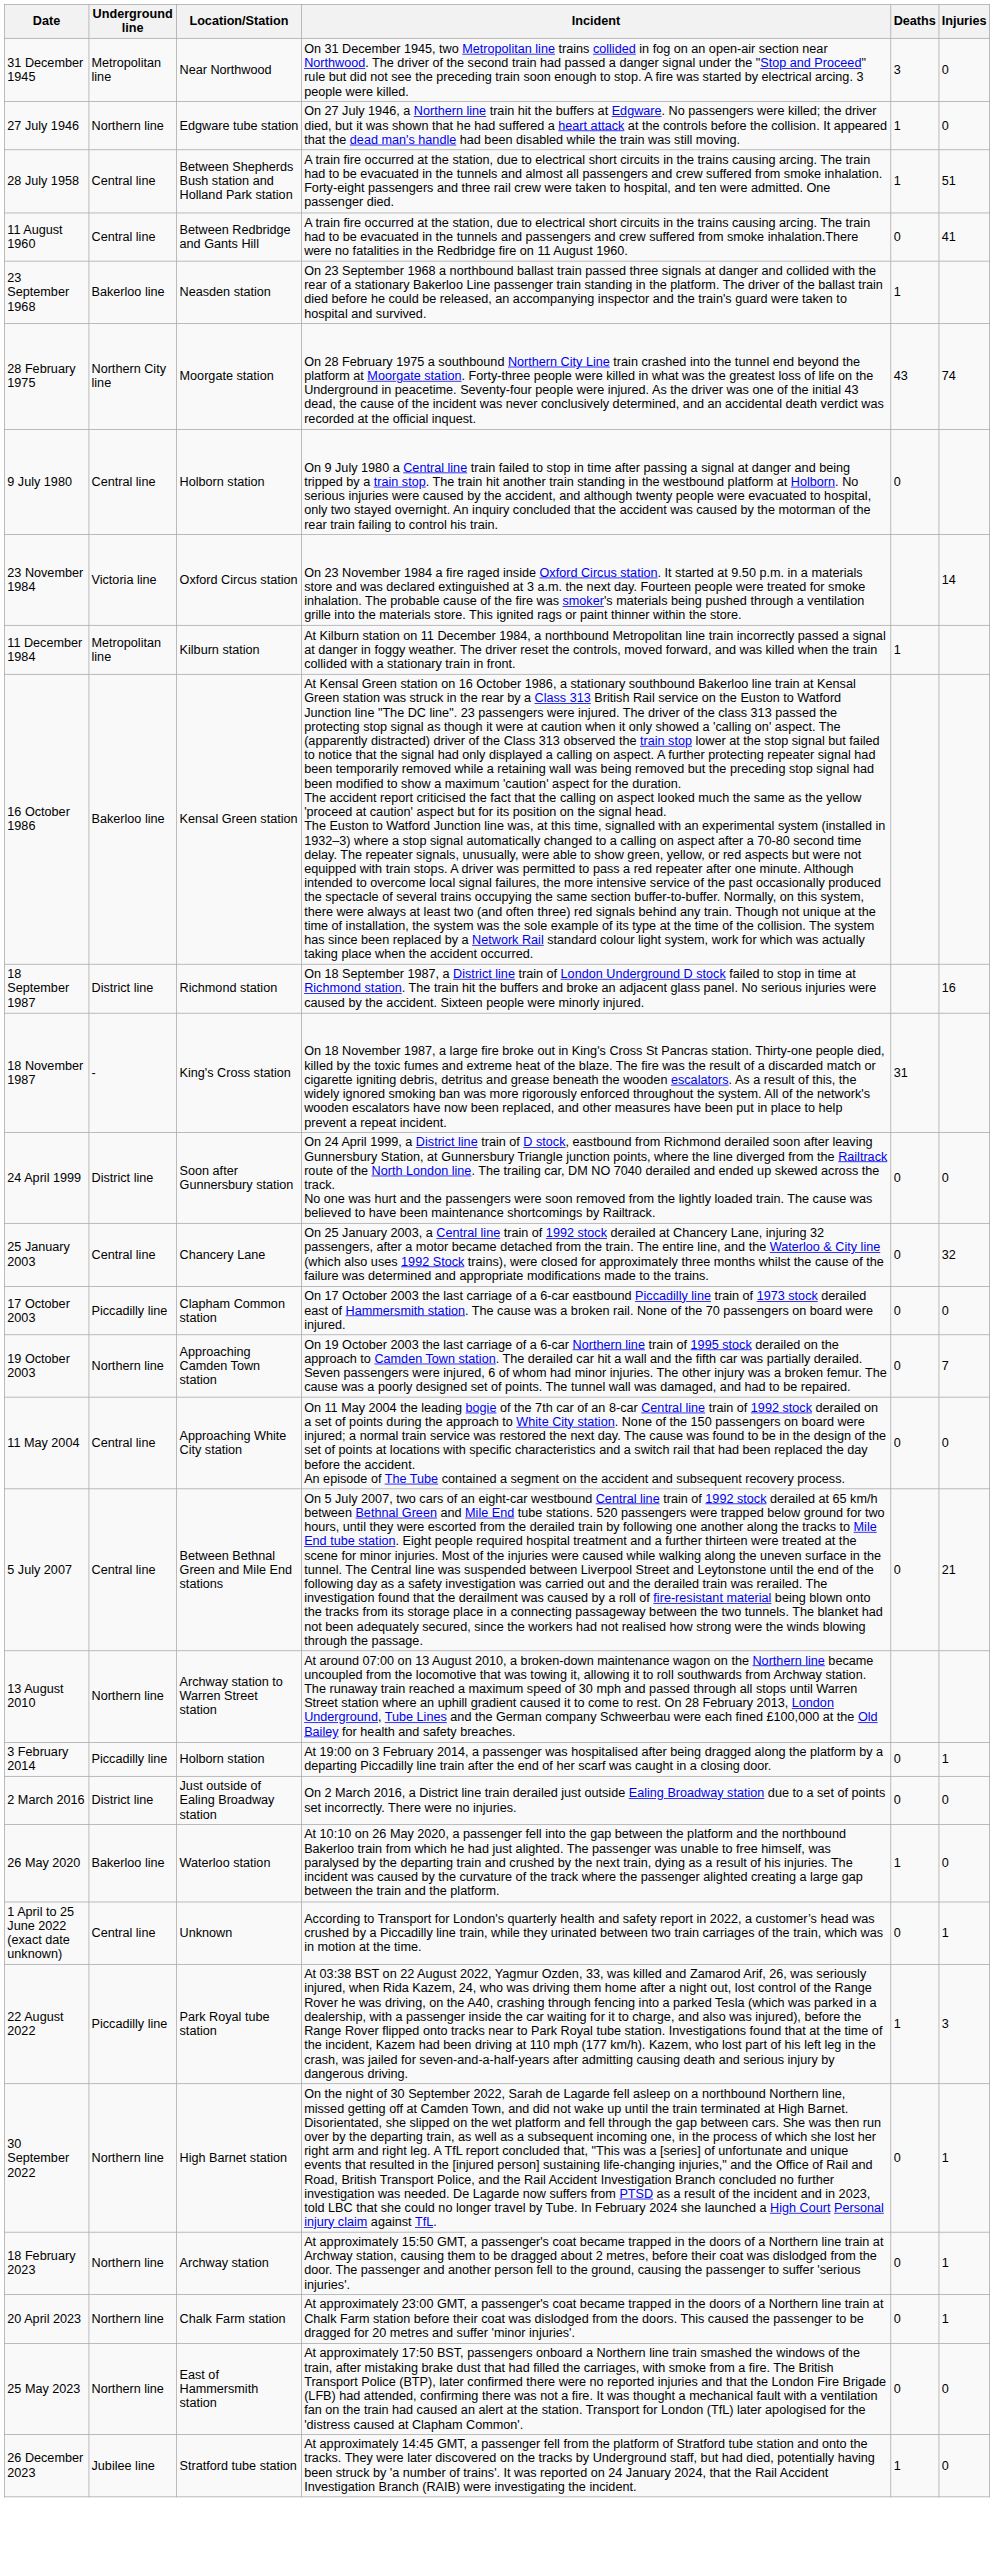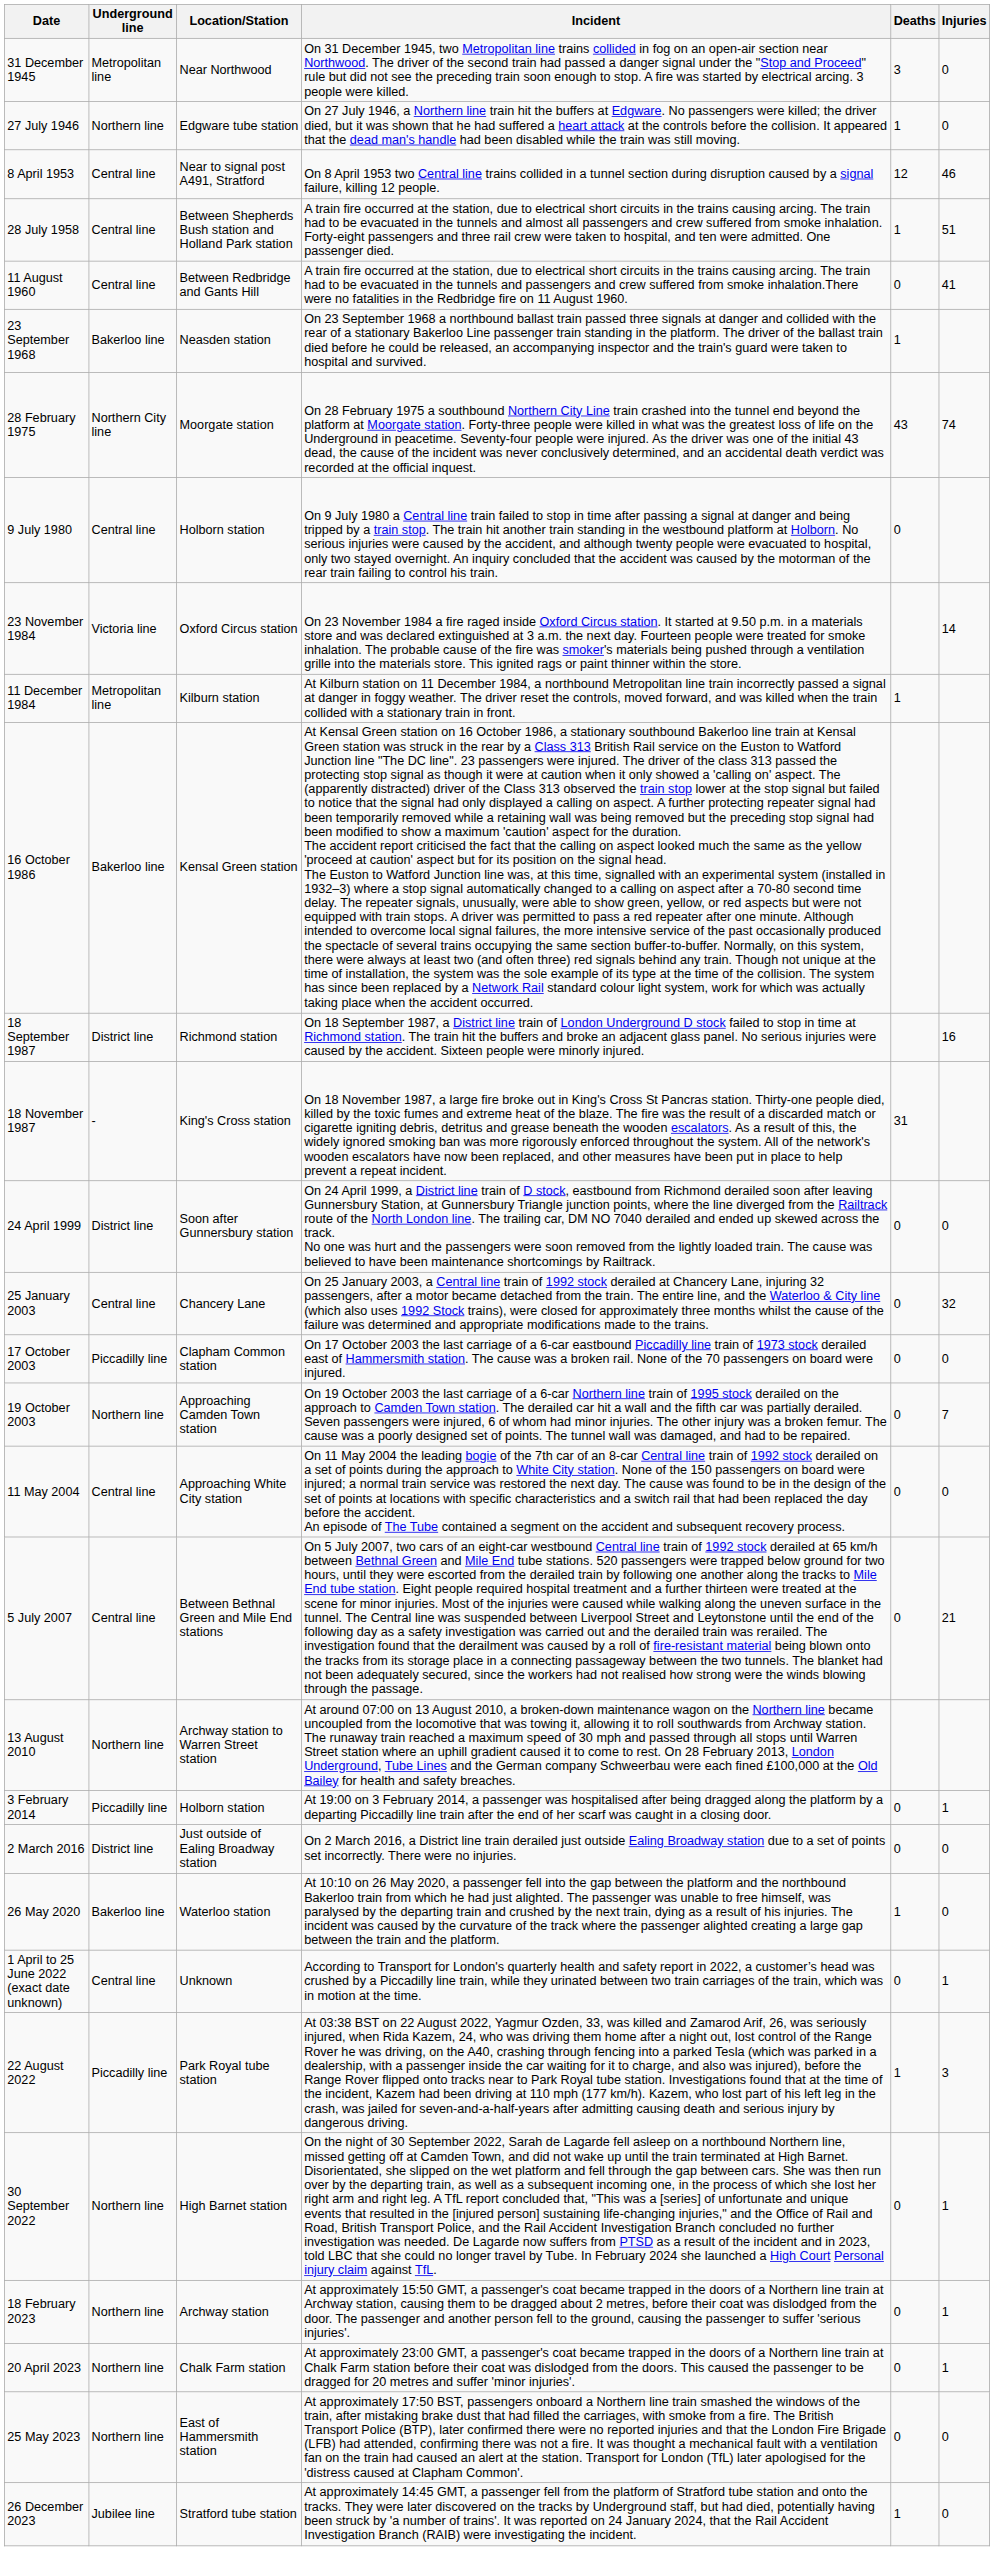 <table class="wikitable sortable">
 <tr>
 <th>Date</th>
 <th>Underground line</th>
 <th>Location/Station</th>
 <th>Incident</th>
 <th>Deaths</th>
 <th>Injuries</th>
 </tr>
 <tr>
 <td>31 December 1945</td>
 <td>Metropolitan line</td>
 <td>Near Northwood</td>
 <td>On 31 December 1945, two <a href='#'>Metropolitan line</a> trains <a href='#'>collided</a> in fog on an open-air section near <a href='#'>Northwood</a>. The driver of the second train had passed a danger signal under the "<a href='#'>Stop and Proceed</a>" rule but did not see the preceding train soon enough to stop.  A fire was started by electrical arcing. 3 people were killed.</td>
 <td>3</td>
 <td>0</td>
 </tr>
 <tr>
 <td>27 July 1946</td>
 <td>Northern line</td>
 <td>Edgware tube station</td>
 <td>On 27 July 1946, a <a href='#'>Northern line</a> train hit the buffers at <a href='#'>Edgware</a>.  No passengers were killed; the driver died, but it was shown that he had suffered a <a href='#'>heart attack</a> at the controls before the collision.  It appeared that the <a href='#'>dead man's handle</a> had been disabled while the train was still moving.</td>
 <td>1</td>
 <td>0</td>
+</tr>
+<tr>
+<td>8 April 1953</td>
+<td>Central line</td>
+<td>Near to signal post A491, Stratford</td>
+<td><br>On 8 April 1953 two <a href='#'>Central line</a> trains collided in a tunnel section during disruption caused by a <a href='#'>signal</a> failure, killing 12 people.</td>
+<td>12</td>
+<td>46</td>
 </tr>
 <tr>
 <td>28 July 1958</td>
 <td>Central line</td>
 <td>Between Shepherds Bush station and Holland Park station</td>
 <td>A train fire occurred at the station, due to electrical short circuits in the trains causing arcing.  The train had to be evacuated in the tunnels and almost all passengers and crew suffered from smoke inhalation. Forty-eight passengers and three rail crew were taken to hospital, and ten were admitted. One passenger died.</td>
 <td>1</td>
 <td>51</td>
 </tr>
 <tr>
 <td>11 August 1960</td>
 <td>Central line</td>
 <td>Between Redbridge and Gants Hill</td>
 <td>A train fire occurred at the station, due to electrical short circuits in the trains causing arcing.  The train had to be evacuated in the tunnels and passengers and crew suffered from smoke inhalation.There were no fatalities in the Redbridge fire on 11 August 1960.</td>
 <td>0</td>
 <td>41</td>
 </tr>
 <tr>
 <td>23 September 1968</td>
 <td>Bakerloo line</td>
 <td>Neasden station</td>
 <td>On 23 September 1968 a northbound ballast train passed three signals at danger and collided with the rear of a stationary Bakerloo Line passenger train standing in the platform. The driver of the ballast train died before he could be released, an accompanying inspector and the train's guard were taken to hospital and survived.</td>
 <td>1</td>
 <td></td>
 </tr>
 <tr>
 <td>28 February 1975</td>
 <td>Northern City line</td>
 <td>Moorgate station</td>
 <td><br><br>On 28 February 1975 a southbound <a href='#'>Northern City Line</a> train crashed into the tunnel end beyond the platform at <a href='#'>Moorgate station</a>. Forty-three people were killed in what was the greatest loss of life on the Underground in peacetime. Seventy-four people were injured. As the driver was one of the initial 43 dead, the cause of the incident was never conclusively determined, and an accidental death verdict was recorded at the official inquest.</td>
 <td>43</td>
 <td>74</td>
 </tr>
 <tr>
 <td>9 July 1980</td>
 <td>Central line</td>
 <td>Holborn station</td>
 <td><br><br>On 9 July 1980 a <a href='#'>Central line</a> train failed to stop in time after passing a signal at danger and being tripped by a <a href='#'>train stop</a>. The train hit another train standing in the westbound platform at <a href='#'>Holborn</a>. No serious injuries were caused by the accident, and although twenty people were evacuated to hospital, only two stayed overnight. An inquiry concluded that the accident was caused by the motorman of the rear train failing to control his train.</td>
 <td>0</td>
 <td></td>
 </tr>
 <tr>
 <td>23 November 1984</td>
 <td>Victoria line</td>
 <td>Oxford Circus station</td>
 <td><br><br>On 23 November 1984 a fire raged inside <a href='#'>Oxford Circus station</a>. It started at 9.50 p.m. in a materials store and was declared extinguished at 3 a.m. the next day. Fourteen people were treated for smoke inhalation. The probable cause of the fire was <a href='#'>smoker</a>'s materials being pushed through a ventilation grille into the materials store.  This ignited rags or paint thinner within the store.</td>
 <td></td>
 <td>14</td>
 </tr>
 <tr>
 <td>11 December 1984</td>
 <td>Metropolitan line</td>
 <td>Kilburn station</td>
 <td>At Kilburn station on 11 December 1984, a northbound Metropolitan line train incorrectly passed a signal at danger in foggy weather. The driver reset the controls, moved forward, and was killed when the train collided with a stationary train in front.</td>
 <td>1</td>
 <td></td>
 </tr>
 <tr>
 <td>16 October 1986</td>
 <td>Bakerloo line</td>
 <td>Kensal Green station</td>
 <td>At Kensal Green station on 16 October 1986, a stationary southbound Bakerloo line train at Kensal Green station was struck in the rear by a <a href='#'>Class 313</a> British Rail service on the Euston to Watford Junction line "The DC line". 23 passengers were injured. The driver of the class 313 passed the protecting stop signal as though it were at caution when it only showed a 'calling on' aspect. The (apparently distracted) driver of the Class 313 observed the <a href='#'>train stop</a> lower at the stop signal but failed to notice that the signal had only displayed a calling on aspect. A further protecting repeater signal had been temporarily removed while a retaining wall was being removed but the preceding stop signal had been modified to show a maximum 'caution' aspect for the duration.<br>The accident report criticised the fact that the calling on aspect looked much the same as the yellow 'proceed at caution' aspect but for its position on the signal head.<br>The Euston to Watford Junction line was, at this time, signalled with an experimental system (installed in 1932–3) where a stop signal automatically changed to a calling on aspect after a 70-80 second time delay. The repeater signals, unusually, were able to show green, yellow, or red aspects but were not equipped with train stops. A driver was permitted to pass a red repeater after one minute. Although intended to overcome local signal failures, the more intensive service of the past occasionally produced the spectacle of several trains occupying the same section buffer-to-buffer. Normally, on this system, there were always at least two (and often three) red signals behind any train. Though not unique at the time of installation, the system was the sole example of its type at the time of the collision. The system has since been replaced by a <a href='#'>Network Rail</a> standard colour light system, work for which was actually taking place when the accident occurred.</td>
 <td></td>
 <td></td>
 </tr>
 <tr>
 <td>18 September 1987</td>
 <td>District line</td>
 <td>Richmond station</td>
 <td>On 18 September 1987, a <a href='#'>District line</a> train of <a href='#'>London Underground D stock</a> failed to stop in time at <a href='#'>Richmond station</a>. The train hit the buffers and broke an adjacent glass panel.  No serious injuries were caused by the accident. Sixteen people were minorly injured.</td>
 <td></td>
 <td>16</td>
 </tr>
 <tr>
 <td>18 November 1987</td>
 <td>-</td>
 <td>King's Cross station</td>
 <td><br><br>On 18 November 1987, a large fire broke out in King's Cross St Pancras station. Thirty-one people died, killed by the toxic fumes and extreme heat of the blaze. The fire was the result of a discarded match or cigarette igniting debris, detritus and grease beneath the wooden <a href='#'>escalators</a>. As a result of this, the widely ignored smoking ban was more rigorously enforced throughout the system. All of the network's wooden escalators have now been replaced, and other measures have been put in place to help prevent a repeat incident.</td>
 <td>31</td>
 <td></td>
 </tr>
 <tr>
 <td>24 April 1999</td>
 <td>District line</td>
 <td>Soon after Gunnersbury station</td>
 <td>On 24 April 1999, a <a href='#'>District line</a> train of <a href='#'>D stock</a>, eastbound from Richmond derailed soon after leaving Gunnersbury Station, at Gunnersbury Triangle junction points, where the line diverged from the <a href='#'>Railtrack</a> route of the <a href='#'>North London line</a>. The trailing car, DM NO 7040 derailed and ended up skewed across the track.<br>No one was hurt and the passengers were soon removed from the lightly loaded train. The cause was believed to have been maintenance shortcomings by Railtrack.</td>
 <td>0</td>
 <td>0</td>
 </tr>
 <tr>
 <td>25 January 2003</td>
 <td>Central line</td>
 <td>Chancery Lane</td>
 <td>On 25 January 2003, a <a href='#'>Central line</a> train of <a href='#'>1992 stock</a> derailed at Chancery Lane, injuring 32 passengers, after a motor became detached from the train. The entire line, and the <a href='#'>Waterloo & City line</a> (which also uses <a href='#'>1992 Stock</a> trains), were closed for approximately three months whilst the cause of the failure was determined and appropriate modifications made to the trains.</td>
 <td>0</td>
 <td>32</td>
 </tr>
 <tr>
 <td>17 October 2003</td>
 <td>Piccadilly line</td>
 <td>Clapham Common station</td>
 <td>On 17 October 2003 the last carriage of a 6-car eastbound <a href='#'>Piccadilly line</a> train of <a href='#'>1973 stock</a> derailed east of <a href='#'>Hammersmith station</a>. The cause was a broken rail. None of the 70 passengers on board were injured.</td>
 <td>0</td>
 <td>0</td>
 </tr>
 <tr>
 <td>19 October 2003</td>
 <td>Northern line</td>
 <td>Approaching Camden Town station</td>
 <td>On 19 October 2003 the last carriage of a 6-car <a href='#'>Northern line</a> train of <a href='#'>1995 stock</a> derailed on the approach to <a href='#'>Camden Town station</a>. The derailed car hit a wall and the fifth car was partially derailed. Seven passengers were injured, 6 of whom had minor injuries. The other injury was a broken femur. The cause was a poorly designed set of points. The tunnel wall was damaged, and had to be repaired.</td>
 <td>0</td>
 <td>7</td>
 </tr>
 <tr>
 <td>11 May 2004</td>
 <td>Central line</td>
 <td>Approaching White City station</td>
 <td>On 11 May 2004 the leading <a href='#'>bogie</a> of the 7th car of an 8-car <a href='#'>Central line</a> train of <a href='#'>1992 stock</a> derailed on a set of points during the approach to <a href='#'>White City station</a>. None of the 150 passengers on board were injured; a normal train service was restored the next day. The cause was found to be in the design of the set of points at locations with specific characteristics and a switch rail that had been replaced the day before the accident.<br> An episode of <a href='#'>The Tube</a> contained a segment on the accident and subsequent recovery process.</td>
 <td>0</td>
 <td>0</td>
 </tr>
 <tr>
 <td>5 July 2007</td>
 <td>Central line</td>
 <td>Between Bethnal Green and Mile End stations</td>
 <td>On 5 July 2007, two cars of an eight-car westbound <a href='#'>Central line</a> train of <a href='#'>1992 stock</a> derailed at 65 km/h between <a href='#'>Bethnal Green</a> and <a href='#'>Mile End</a> tube stations. 520 passengers were trapped below ground for two hours, until they were escorted from the derailed train by following one another along the tracks to <a href='#'>Mile End tube station</a>. Eight people required hospital treatment and a further thirteen were treated at the scene for minor injuries. Most of the injuries were caused while walking along the uneven surface in the tunnel. The Central line was suspended between Liverpool Street and Leytonstone until the end of the following day as a safety investigation was carried out and the derailed train was rerailed. The investigation found that the derailment was caused by a roll of <a href='#'>fire-resistant material</a> being blown onto the tracks from its storage place in a connecting passageway between the two tunnels. The blanket had not been adequately secured, since the workers had not realised how strong were the winds blowing through the passage.</td>
 <td>0</td>
 <td>21</td>
 </tr>
 <tr>
 <td>13 August 2010</td>
 <td>Northern line</td>
 <td>Archway station to Warren Street station</td>
 <td>At around 07:00 on 13 August 2010, a broken-down maintenance wagon on the <a href='#'>Northern line</a> became uncoupled from the locomotive that was towing it, allowing it to roll southwards from Archway station. The runaway train reached a maximum speed of 30 mph and passed through all stops until Warren Street station where an uphill gradient caused it to come to rest. On 28 February 2013, <a href='#'>London Underground</a>, <a href='#'>Tube Lines</a> and the German company Schweerbau were each fined £100,000 at the <a href='#'>Old Bailey</a> for health and safety breaches.</td>
 <td></td>
 <td></td>
 </tr>
 <tr>
 <td>3 February 2014</td>
 <td>Piccadilly line</td>
 <td>Holborn station</td>
 <td>At 19:00 on 3 February 2014, a passenger was hospitalised after being dragged along the platform by a departing Piccadilly line train after the end of her scarf was caught in a closing door.</td>
 <td>0</td>
 <td>1</td>
 </tr>
 <tr>
 <td>2 March 2016</td>
 <td>District line</td>
 <td>Just outside of Ealing Broadway station</td>
 <td>On 2 March 2016, a District line train derailed just outside <a href='#'>Ealing Broadway station</a> due to a set of points set incorrectly. There were no injuries.</td>
 <td>0</td>
 <td>0</td>
 </tr>
 <tr>
 <td>26 May 2020</td>
 <td>Bakerloo line</td>
 <td>Waterloo station</td>
 <td>At 10:10 on 26 May 2020, a passenger fell into the gap between the platform and the northbound Bakerloo train from which he had just alighted.  The passenger was unable to free himself, was paralysed by the departing train and crushed by the next train, dying as a result of his injuries. The incident was caused by the curvature of the track where the passenger alighted creating a large gap between the train and the platform.</td>
 <td>1</td>
 <td>0</td>
 </tr>
 <tr>
 <td>1 April to 25 June 2022 (exact date unknown)</td>
 <td>Central line</td>
 <td>Unknown</td>
 <td>According to Transport for London's quarterly health and safety report in 2022, a customer’s head was crushed by a Piccadilly line train, while they urinated between two train carriages of the train, which was in motion at the time.</td>
 <td>0</td>
 <td>1</td>
 </tr>
 <tr>
 <td>22 August 2022</td>
 <td>Piccadilly line</td>
 <td>Park Royal tube station</td>
 <td>At 03:38 BST on 22 August 2022, Yagmur Ozden, 33, was killed and Zamarod Arif, 26, was seriously injured, when Rida Kazem, 24, who was driving them home after a night out, lost control of the Range Rover he was driving, on the A40, crashing through fencing into a parked Tesla (which was parked in a dealership, with a passenger inside the car waiting for it to charge, and also was injured), before the Range Rover flipped onto tracks near to Park Royal tube station. Investigations found that at the time of the incident, Kazem had been driving at 110 mph (177 km/h). Kazem, who lost part of his left leg in the crash, was jailed for seven-and-a-half-years after admitting causing death and serious injury by dangerous driving.</td>
 <td>1</td>
 <td>3</td>
 </tr>
 <tr>
 <td>30 September 2022</td>
 <td>Northern line</td>
 <td>High Barnet station</td>
 <td>On the night of 30 September 2022, Sarah de Lagarde fell asleep on a northbound Northern line, missed getting off at Camden Town, and did not wake up until the train terminated at High Barnet. Disorientated, she slipped on the wet platform and fell through the gap between cars. She was then run over by the departing train, as well as a subsequent incoming one, in the process of which she lost her right arm and right leg. A TfL report concluded that, "This was a [series] of unfortunate and unique events that resulted in the [injured person] sustaining life-changing injuries," and the Office of Rail and Road, British Transport Police, and the Rail Accident Investigation Branch concluded no further investigation was needed. De Lagarde now suffers from <a href='#'>PTSD</a> as a result of the incident and in 2023, told LBC that she could no longer travel by Tube. In February 2024 she launched a <a href='#'>High Court</a> <a href='#'>Personal injury claim</a> against <a href='#'>TfL</a>.</td>
 <td>0</td>
 <td>1</td>
 </tr>
 <tr>
 <td>18 February 2023</td>
 <td>Northern line</td>
 <td>Archway station</td>
 <td>At approximately 15:50 GMT, a passenger's coat became trapped in the doors of a Northern line train at Archway station, causing them to be dragged about 2 metres, before their coat was dislodged from the door. The passenger and another person fell to the ground, causing the passenger to suffer 'serious injuries'.</td>
 <td>0</td>
 <td>1</td>
 </tr>
 <tr>
 <td>20 April 2023</td>
 <td>Northern line</td>
 <td>Chalk Farm station</td>
 <td>At approximately 23:00 GMT, a passenger's coat became trapped in the doors of a Northern line train at Chalk Farm station before their coat was dislodged from the doors. This caused the passenger to be dragged for 20 metres and suffer 'minor injuries'.</td>
 <td>0</td>
 <td>1</td>
 </tr>
 <tr>
 <td>25 May 2023</td>
 <td>Northern line</td>
 <td>East of Hammersmith station</td>
 <td>At approximately 17:50 BST, passengers onboard a Northern line train smashed the windows of the train, after mistaking brake dust that had filled the carriages, with smoke from a fire. The British Transport Police (BTP), later confirmed there were no reported injuries and that the London Fire Brigade (LFB) had attended, confirming there was not a fire. It was thought a mechanical fault with a ventilation fan on the train had caused an alert at the station. Transport for London (TfL) later apologised for the 'distress caused at Clapham Common'.</td>
 <td>0</td>
 <td>0</td>
 </tr>
 <tr>
 <td>26 December 2023</td>
 <td>Jubilee line</td>
 <td>Stratford tube station</td>
 <td>At approximately 14:45 GMT, a passenger fell from the platform of Stratford tube station and onto the tracks. They were later discovered on the tracks by Underground staff, but had died, potentially having been struck by 'a number of trains'. It was reported on 24 January 2024, that the Rail Accident Investigation Branch (RAIB) were investigating the incident.</td>
 <td>1</td>
 <td>0</td>
 </tr>
 </table>
